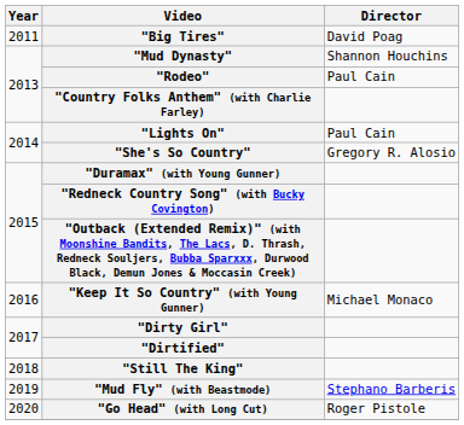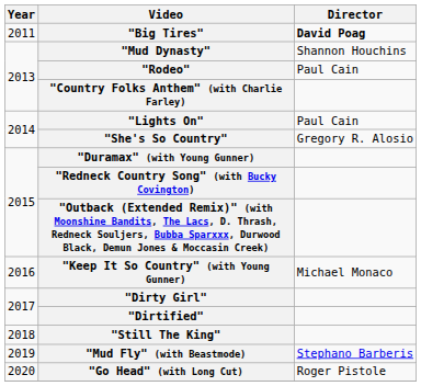 <table class="wikitable plainrowheaders">
 <tr>
 <th>Year</th>
 <th style="width:22em;">Video</th>
 <th>Director</th>
 </tr>
 <tr>
 <td>2011</td>
 <th scope="row">"Big Tires"</th>
-<td>David Poag</td>
+<td><strong>David Poag</strong></td>
 </tr>
 <tr>
 <td rowspan="3">2013</td>
 <th scope="row">"Mud Dynasty"</th>
 <td>Shannon Houchins</td>
 </tr>
 <tr>
 <th scope="row">"Rodeo"</th>
 <td>Paul Cain</td>
 </tr>
 <tr>
 <th scope="row">"Country Folks Anthem" <small>(with Charlie Farley)</small></th>
 <td></td>
 </tr>
 <tr>
 <td rowspan="2">2014</td>
 <th scope="row">"Lights On"</th>
 <td>Paul Cain</td>
 </tr>
 <tr>
 <th scope="row">"She's So Country"</th>
 <td>Gregory R. Alosio</td>
 </tr>
 <tr>
 <td rowspan="3">2015</td>
 <th scope="row">"Duramax" <small>(with Young Gunner)</small></th>
 <td></td>
 </tr>
 <tr>
 <th scope="row">"Redneck Country Song" <small>(with <a href='#'>Bucky Covington</a>)</small></th>
 <td></td>
 </tr>
 <tr>
 <th scope="row">"Outback (Extended Remix)" <small>(with <a href='#'>Moonshine Bandits</a>, <a href='#'>The Lacs</a>, D. Thrash, Redneck Souljers, <a href='#'>Bubba Sparxxx</a>, Durwood Black, Demun Jones & Moccasin Creek)</small></th>
 <td></td>
 </tr>
 <tr>
 <td>2016</td>
 <th scope="row">"Keep It So Country" <small>(with Young Gunner)</small></th>
 <td>Michael Monaco</td>
 </tr>
 <tr>
 <td rowspan="2">2017</td>
 <th scope="row">"Dirty Girl"</th>
 <td></td>
 </tr>
 <tr>
 <th scope="row">"Dirtified"</th>
 <td></td>
 </tr>
 <tr>
 <td>2018</td>
 <th scope="row">"Still The King"</th>
 <td></td>
 </tr>
 <tr>
 <td>2019</td>
 <th scope="row">"Mud Fly" <small>(with Beastmode)</small></th>
 <td><a href='#'>Stephano Barberis</a></td>
 </tr>
 <tr>
 <td>2020</td>
 <th scope="row">"Go Head" <small>(with Long Cut)</small></th>
 <td>Roger Pistole</td>
 </tr>
 <tr>
 </tr>
 </table>
